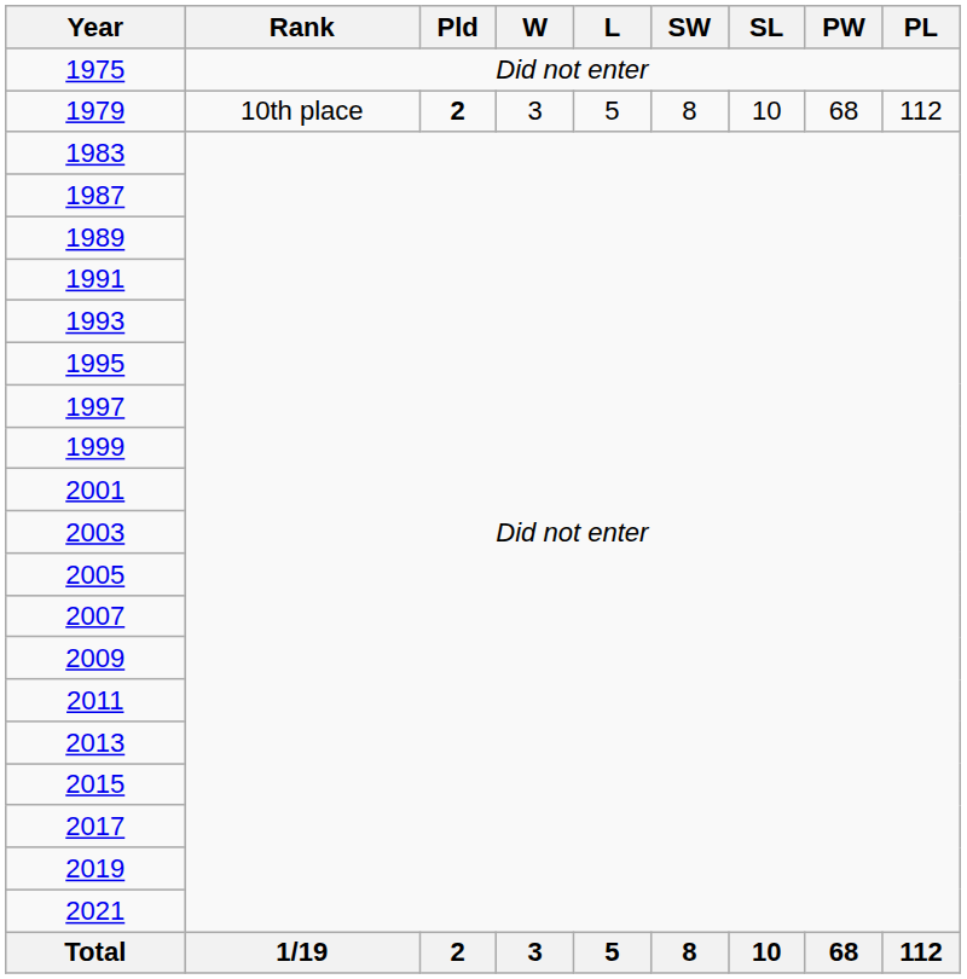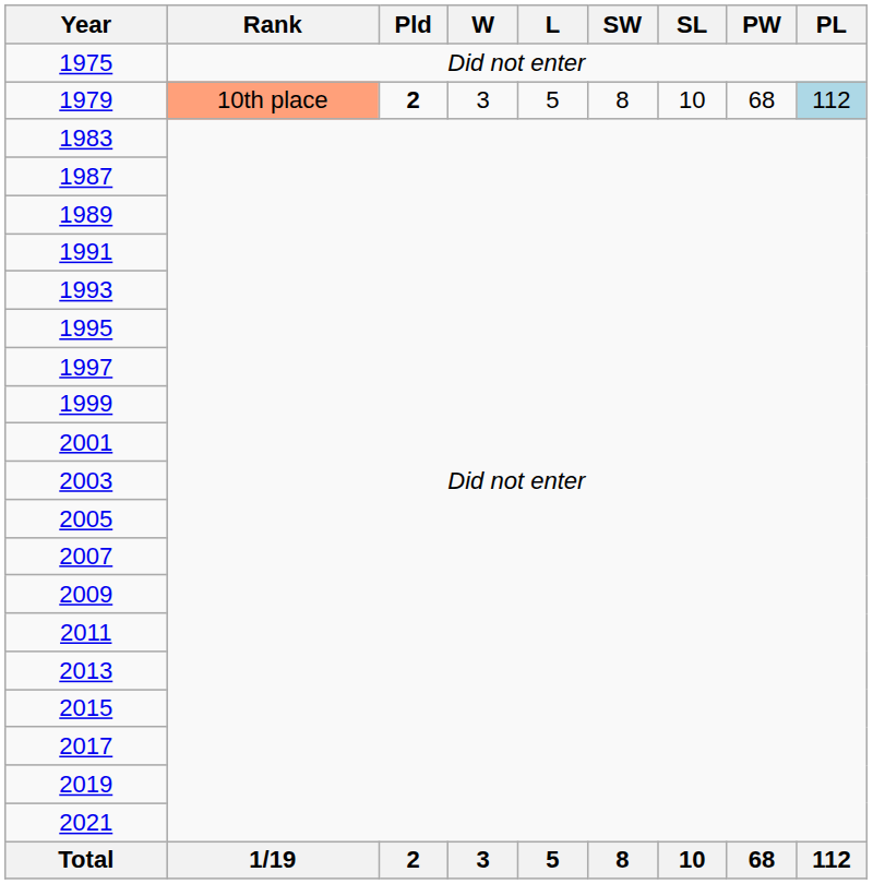 <table class="wikitable" style="text-align: center;font-size:90%;">
 <tr>
 <th width=90>Year</th>
 <th width=120>Rank</th>
 <th width=35>Pld</th>
 <th width=35>W</th>
 <th width=35>L</th>
 <th width=35>SW</th>
 <th width=35>SL</th>
 <th width=35>PW</th>
 <th width=35>PL</th>
 </tr>
 <tr>
 <td> <a href='#'>1975</a></td>
 <td rowspan=1 colspan=8><em>Did not enter</em></td>
 </tr>
 <tr>
 <td> <a href='#'>1979</a></td>
-<td>10th place</td>
+<td style="background: lightsalmon;">10th place</td>
 <td><strong>2</strong></td>
 <td>3</td>
 <td>5</td>
 <td>8</td>
 <td>10</td>
 <td>68</td>
-<td>112</td>
+<td style="background: lightblue;">112</td>
 </tr>
 <tr>
 <td> <a href='#'>1983</a></td>
 <td rowspan=19 colspan=8><em>Did not enter</em></td>
 </tr>
 <tr>
 <td> <a href='#'>1987</a></td>
 </tr>
 <tr>
 <td> <a href='#'>1989</a></td>
 </tr>
 <tr>
 <td> <a href='#'>1991</a></td>
 </tr>
 <tr>
 <td> <a href='#'>1993</a></td>
 </tr>
 <tr>
 <td> <a href='#'>1995</a></td>
 </tr>
 <tr>
 <td> <a href='#'>1997</a></td>
 </tr>
 <tr>
 <td> <a href='#'>1999</a></td>
 </tr>
 <tr>
 <td> <a href='#'>2001</a></td>
 </tr>
 <tr>
 <td> <a href='#'>2003</a></td>
 </tr>
 <tr>
 <td> <a href='#'>2005</a></td>
 </tr>
 <tr>
 <td> <a href='#'>2007</a></td>
 </tr>
 <tr>
 <td> <a href='#'>2009</a></td>
 </tr>
 <tr>
 <td> <a href='#'>2011</a></td>
 </tr>
 <tr>
 <td> <a href='#'>2013</a></td>
 </tr>
 <tr>
 <td> <a href='#'>2015</a></td>
 </tr>
 <tr>
 <td> <a href='#'>2017</a></td>
 </tr>
 <tr>
 <td> <a href='#'>2019</a></td>
 </tr>
 <tr>
 <td> <a href='#'>2021</a></td>
 </tr>
 <tr>
 <th>Total</th>
 <th>1/19</th>
 <th>2</th>
 <th>3</th>
 <th>5</th>
 <th>8</th>
 <th>10</th>
 <th>68</th>
 <th>112</th>
 </tr>
 </table>
